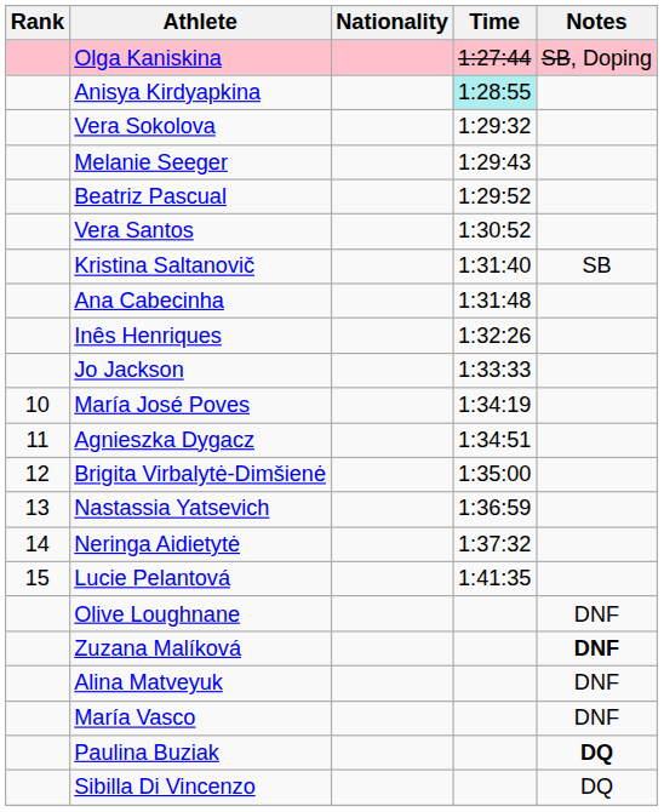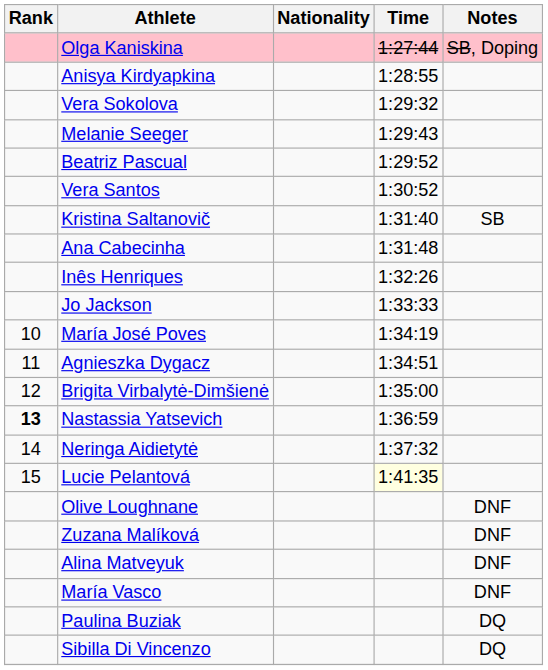 <table class="wikitable sortable" style="text-align:center">
 <tr>
 <th>Rank</th>
 <th>Athlete</th>
 <th>Nationality</th>
 <th>Time</th>
 <th>Notes</th>
 </tr>
 <tr bgcolor=pink>
 <td></td>
 <td align="left"><a href='#'>Olga Kaniskina</a></td>
 <td align=left></td>
 <td><s>1:27:44 </s></td>
 <td><s>SB</s>, Doping</td>
 </tr>
 <tr>
 <td></td>
 <td align="left"><a href='#'>Anisya Kirdyapkina</a></td>
 <td align=left></td>
-<td style="background: paleturquoise;">1:28:55</td>
+<td>1:28:55</td>
 <td></td>
 </tr>
 <tr>
 <td></td>
 <td align="left"><a href='#'>Vera Sokolova</a></td>
 <td align=left></td>
 <td>1:29:32</td>
 <td></td>
 </tr>
 <tr>
 <td></td>
 <td align="left"><a href='#'>Melanie Seeger</a></td>
 <td align=left></td>
 <td>1:29:43</td>
 <td></td>
 </tr>
 <tr>
 <td></td>
 <td align="left"><a href='#'>Beatriz Pascual</a></td>
 <td align=left></td>
 <td>1:29:52</td>
 <td></td>
 </tr>
 <tr>
 <td></td>
 <td align="left"><a href='#'>Vera Santos</a></td>
 <td align=left></td>
 <td>1:30:52</td>
 <td></td>
 </tr>
 <tr>
 <td></td>
 <td align="left"><a href='#'>Kristina Saltanovič</a></td>
 <td align=left></td>
 <td>1:31:40</td>
 <td>SB</td>
 </tr>
 <tr>
 <td></td>
 <td align="left"><a href='#'>Ana Cabecinha</a></td>
 <td align=left></td>
 <td>1:31:48</td>
 <td></td>
 </tr>
 <tr>
 <td></td>
 <td align="left"><a href='#'>Inês Henriques</a></td>
 <td align=left></td>
 <td>1:32:26</td>
 <td></td>
 </tr>
 <tr>
 <td></td>
 <td align="left"><a href='#'>Jo Jackson</a></td>
 <td align=left></td>
 <td>1:33:33</td>
 <td></td>
 </tr>
 <tr>
 <td>10</td>
 <td align="left"><a href='#'>María José Poves</a></td>
 <td align=left></td>
 <td>1:34:19</td>
 <td></td>
 </tr>
 <tr>
 <td>11</td>
 <td align="left"><a href='#'>Agnieszka Dygacz</a></td>
 <td align=left></td>
 <td>1:34:51</td>
 <td></td>
 </tr>
 <tr>
 <td>12</td>
 <td align="left"><a href='#'>Brigita Virbalytė-Dimšienė</a></td>
 <td align=left></td>
 <td>1:35:00</td>
 <td></td>
 </tr>
 <tr>
-<td>13</td>
+<td><strong>13</strong></td>
 <td align="left"><a href='#'>Nastassia Yatsevich</a></td>
 <td align=left></td>
 <td>1:36:59</td>
 <td></td>
 </tr>
 <tr>
 <td>14</td>
 <td align="left"><a href='#'>Neringa Aidietytė</a></td>
 <td align=left></td>
 <td>1:37:32</td>
 <td></td>
 </tr>
 <tr>
 <td>15</td>
 <td align="left"><a href='#'>Lucie Pelantová</a></td>
 <td align=left></td>
-<td>1:41:35</td>
+<td style="background: lightyellow;">1:41:35</td>
 <td></td>
 </tr>
 <tr>
 <td></td>
 <td align="left"><a href='#'>Olive Loughnane</a></td>
 <td align=left></td>
 <td></td>
 <td>DNF</td>
 </tr>
 <tr>
 <td></td>
 <td align="left"><a href='#'>Zuzana Malíková</a></td>
 <td align=left></td>
 <td></td>
-<td><strong>DNF</strong></td>
+<td>DNF</td>
 </tr>
 <tr>
 <td></td>
 <td align="left"><a href='#'>Alina Matveyuk</a></td>
 <td align=left></td>
 <td></td>
 <td>DNF</td>
 </tr>
 <tr>
 <td></td>
 <td align="left"><a href='#'>María Vasco</a></td>
 <td align=left></td>
 <td></td>
 <td>DNF</td>
 </tr>
 <tr>
 <td></td>
 <td align="left"><a href='#'>Paulina Buziak</a></td>
 <td align=left></td>
 <td></td>
-<td><strong>DQ</strong></td>
+<td>DQ</td>
 </tr>
 <tr>
 <td></td>
 <td align="left"><a href='#'>Sibilla Di Vincenzo</a></td>
 <td align=left></td>
 <td></td>
 <td>DQ</td>
 </tr>
 <tr>
 </tr>
 </table>
